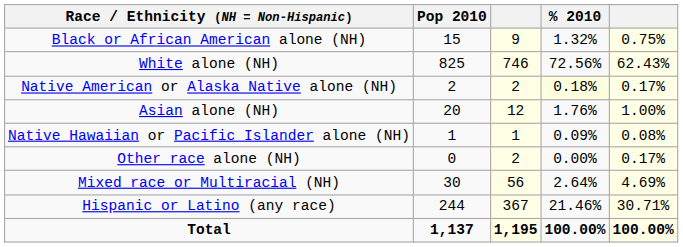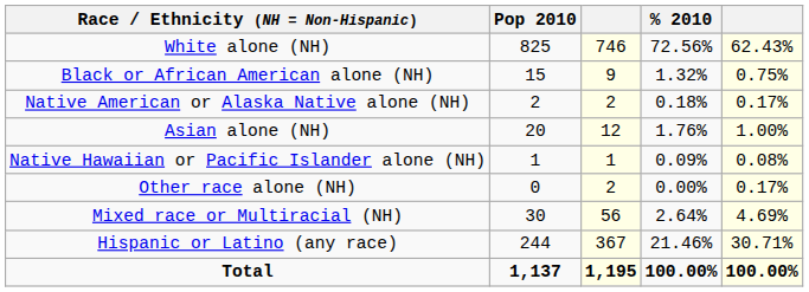 <table class="wikitable" style="text-align:center;">
 <tr>
 <th>Race / Ethnicity <small>(<em>NH = Non-Hispanic</em>)</small></th>
 <th>Pop 2010</th>
 <th></th>
 <th>% 2010</th>
 <th></th>
 </tr>
 <tr>
+<td><a href='#'>White</a> alone (NH)</td>
+<td>825</td>
+<td style='background: #ffffe6;'>746</td>
+<td>72.56%</td>
+<td style='background: #ffffe6;'>62.43%</td>
+</tr>
+<tr>
 <td><a href='#'>Black or African American</a> alone (NH)</td>
 <td>15</td>
 <td style='background: #ffffe6;'>9</td>
 <td>1.32%</td>
 <td style='background: #ffffe6;'>0.75%</td>
 </tr>
 <tr>
-<td><a href='#'>White</a> alone (NH)</td>
-<td>825</td>
-<td style='background: #ffffe6;'>746</td>
-<td>72.56%</td>
-<td style='background: #ffffe6;'>62.43%</td>
-</tr>
-<tr>
 <td><a href='#'>Native American</a> or <a href='#'>Alaska Native</a> alone (NH)</td>
 <td>2</td>
 <td style='background: #ffffe6;'>2</td>
-<td style="background: lightyellow;">0.18%</td>
+<td>0.18%</td>
 <td style='background: #ffffe6;'>0.17%</td>
 </tr>
 <tr>
 <td><a href='#'>Asian</a> alone (NH)</td>
 <td>20</td>
 <td style='background: #ffffe6;'>12</td>
 <td>1.76%</td>
 <td style='background: #ffffe6;'>1.00%</td>
 </tr>
 <tr>
 <td><a href='#'>Native Hawaiian</a> or <a href='#'>Pacific Islander</a> alone (NH)</td>
 <td>1</td>
 <td style='background: #ffffe6;'>1</td>
 <td>0.09%</td>
 <td style='background: #ffffe6;'>0.08%</td>
 </tr>
 <tr>
 <td><a href='#'>Other race</a> alone (NH)</td>
 <td>0</td>
 <td style='background: #ffffe6;'>2</td>
 <td>0.00%</td>
 <td style='background: #ffffe6;'>0.17%</td>
 </tr>
 <tr>
 <td><a href='#'>Mixed race or Multiracial</a> (NH)</td>
 <td>30</td>
 <td style='background: #ffffe6;'>56</td>
 <td>2.64%</td>
 <td style='background: #ffffe6;'>4.69%</td>
 </tr>
 <tr>
 <td><a href='#'>Hispanic or Latino</a> (any race)</td>
 <td>244</td>
 <td style='background: #ffffe6;'>367</td>
 <td>21.46%</td>
 <td style='background: #ffffe6;'>30.71%</td>
 </tr>
 <tr>
 <td><strong>Total</strong></td>
 <td><strong>1,137</strong></td>
 <td style='background: #ffffe6;'><strong>1,195</strong></td>
 <td><strong>100.00%</strong></td>
 <td style='background: #ffffe6;'><strong>100.00%</strong></td>
 </tr>
 </table>
